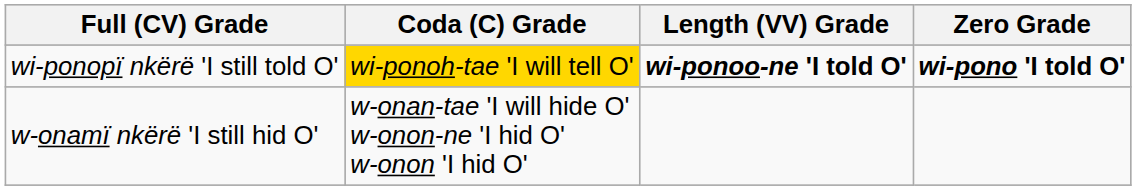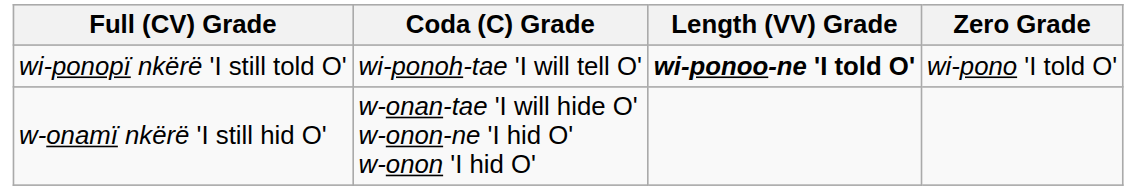 <table class="wikitable" style="margin: 1em auto;">
 <tr>
 <th>Full (CV) Grade</th>
 <th>Coda (C) Grade</th>
 <th>Length (VV) Grade</th>
 <th>Zero Grade</th>
 </tr>
 <tr>
 <td><em>wi-<u>ponopï</u> nkërë</em> 'I still told O'</td>
-<td style="background: gold;"><em>wi-<u>ponoh</u>-tae</em> 'I will tell O'</td>
+<td><em>wi-<u>ponoh</u>-tae</em> 'I will tell O'</td>
 <td><strong><em>wi-<u>ponoo</u>-ne</em> 'I told O'</strong></td>
-<td><strong><em>wi-<u>pono</u></em> 'I told O'</strong></td>
+<td><em>wi-<u>pono</u></em> 'I told O'</td>
 </tr>
 <tr>
 <td><em>w-<u>onamï</u> nkërë</em> 'I still hid O'</td>
 <td><em>w-<u>onan</u>-tae</em> 'I will hide O'<br><em>w-<u>onon</u>-ne</em> 'I hid O'<br><em>w-<u>onon</u></em> 'I hid O'</td>
 <td></td>
 </tr>
 </table>
